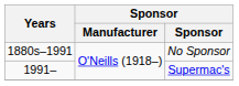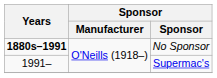 <table class="wikitable" style="text-align: center">
 <tr>
 <th rowspan="2">Years</th>
 <th colspan="2">Sponsor</th>
 </tr>
 <tr>
 <th>Manufacturer</th>
 <th>Sponsor</th>
 </tr>
 <tr>
-<td>1880s–1991</td>
+<td><strong>1880s–1991</strong></td>
 <td rowspan= "2" colspan= "1"><a href='#'>O'Neills</a> (1918–)</td>
 <td><em>No Sponsor</em></td>
 </tr>
 <tr>
 <td>1991–</td>
 <td><a href='#'>Supermac's</a></td>
 </tr>
 <tr>
 </tr>
 </table>
